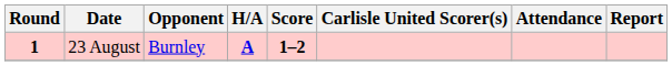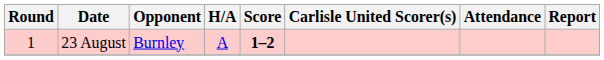 <table class="wikitable" style="text-align:center">
 <tr>
 <th>Round</th>
 <th>Date</th>
 <th>Opponent</th>
 <th>H/A</th>
 <th>Score</th>
 <th>Carlisle United Scorer(s)</th>
 <th>Attendance</th>
 <th>Report</th>
 </tr>
 <tr bgcolor=#FFCCCC>
-<td><strong>1</strong></td>
+<td>1</td>
 <td align=left>23 August</td>
 <td align=left><a href='#'>Burnley</a></td>
-<td><strong><a href='#'>A</a></strong></td>
+<td><a href='#'>A</a></td>
 <td><strong>1–2</strong></td>
 <td align=left></td>
 <td></td>
 <td></td>
 </tr>
 <tr>
 </tr>
 </table>
